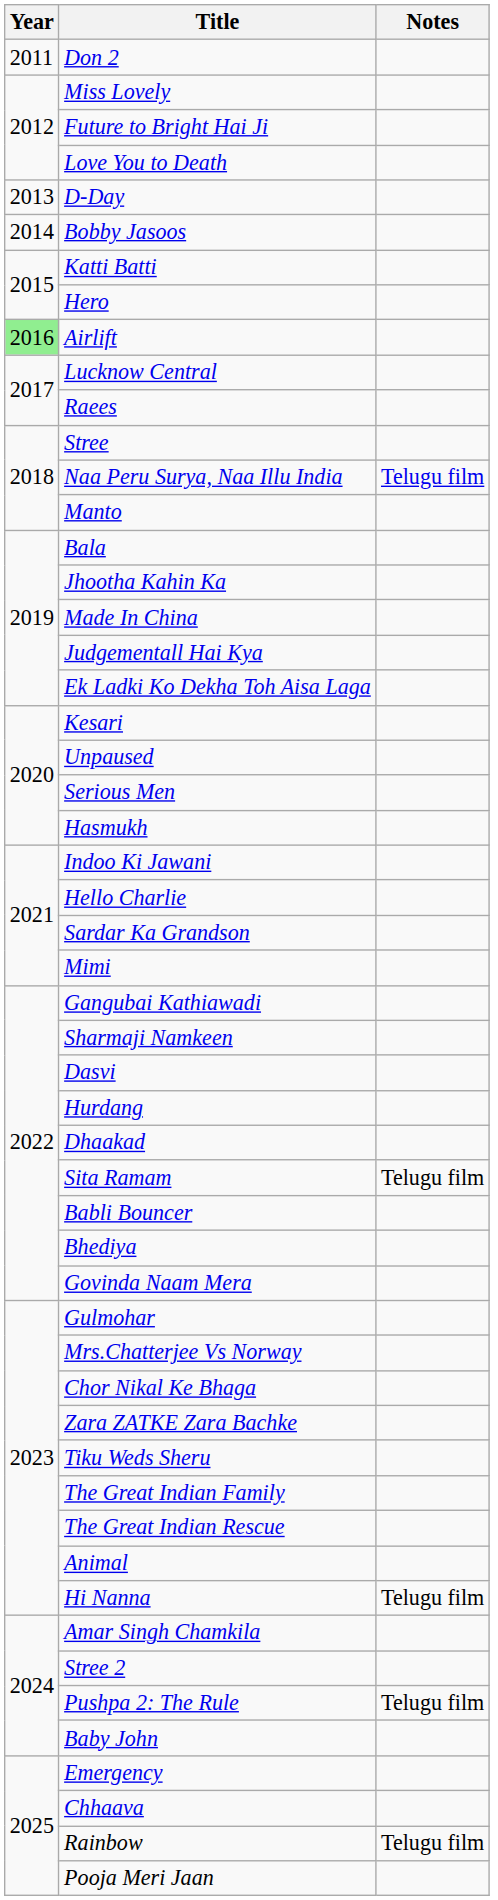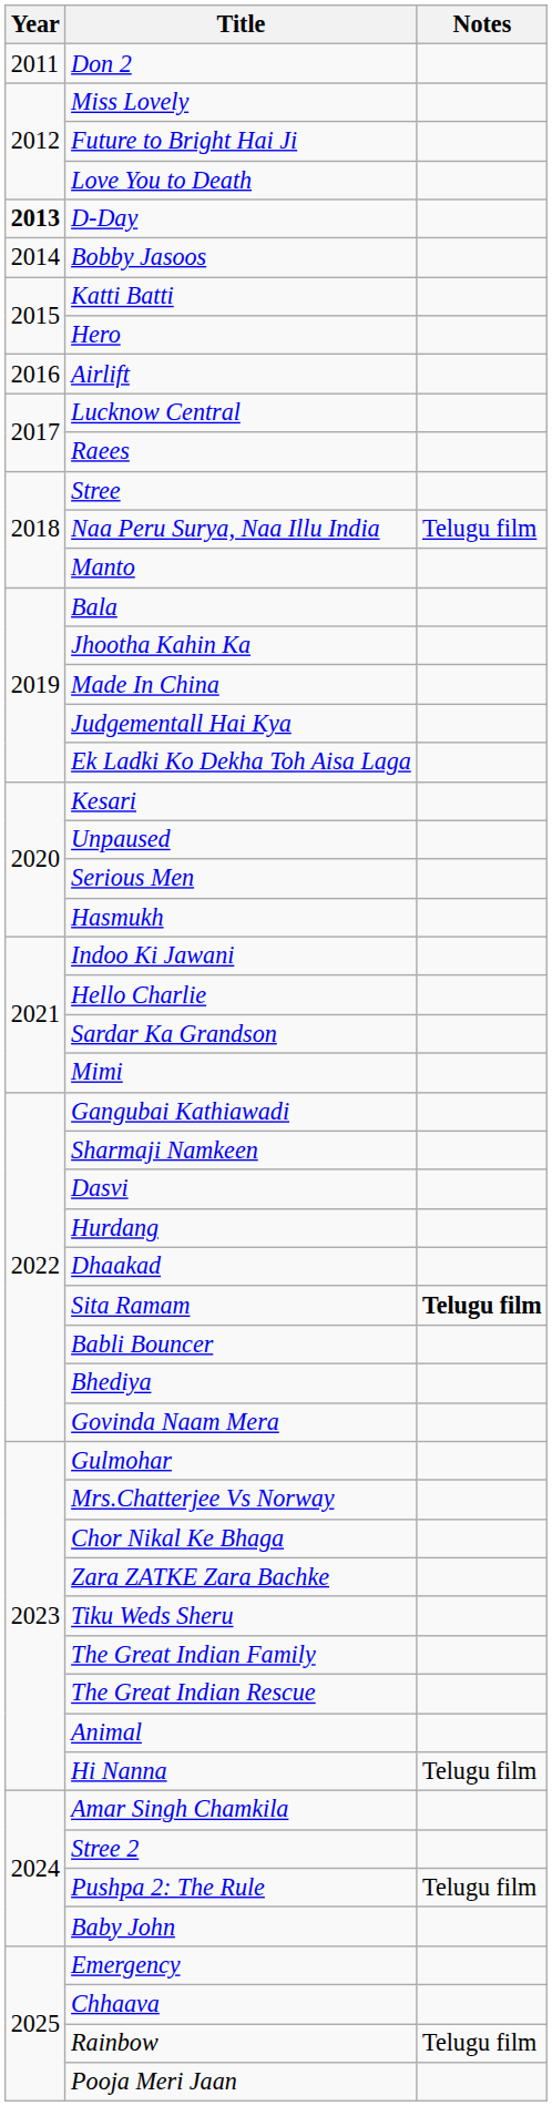 <table class="wikitable sortable">
 <tr>
 <th>Year</th>
 <th>Title</th>
 <th>Notes</th>
 </tr>
 <tr>
 <td>2011</td>
 <td><em><a href='#'>Don 2</a></em></td>
 <td></td>
 </tr>
 <tr>
 <td rowspan="3">2012</td>
 <td><em><a href='#'>Miss Lovely</a></em></td>
 <td></td>
 </tr>
 <tr>
 <td><em><a href='#'>Future to Bright Hai Ji</a></em></td>
 <td></td>
 </tr>
 <tr>
 <td><em><a href='#'>Love You to Death</a></em></td>
 <td></td>
 </tr>
 <tr>
-<td>2013</td>
+<td><strong>2013</strong></td>
 <td><em><a href='#'>D-Day</a></em></td>
 <td></td>
 </tr>
 <tr>
 <td>2014</td>
 <td><em><a href='#'>Bobby Jasoos</a></em></td>
 <td></td>
 </tr>
 <tr>
 <td rowspan="2">2015</td>
 <td><em><a href='#'>Katti Batti</a></em></td>
 <td></td>
 </tr>
 <tr>
 <td><em><a href='#'>Hero</a></em></td>
 <td></td>
 </tr>
 <tr>
-<td style="background: lightgreen;">2016</td>
+<td>2016</td>
 <td><em><a href='#'>Airlift</a></em></td>
 <td></td>
 </tr>
 <tr>
 <td rowspan="2">2017</td>
 <td><em><a href='#'>Lucknow Central</a></em></td>
 <td></td>
 </tr>
 <tr>
 <td><em><a href='#'>Raees</a></em></td>
 <td></td>
 </tr>
 <tr>
 <td rowspan="3">2018</td>
 <td><em><a href='#'>Stree</a></em></td>
 <td></td>
 </tr>
 <tr>
 <td><em><a href='#'>Naa Peru Surya, Naa Illu India</a></em></td>
 <td><a href='#'>Telugu film</a></td>
 </tr>
 <tr>
 <td><em><a href='#'>Manto</a></em></td>
 <td></td>
 </tr>
 <tr>
 <td rowspan="5">2019</td>
 <td><em><a href='#'>Bala</a></em></td>
 <td></td>
 </tr>
 <tr>
 <td><em><a href='#'>Jhootha Kahin Ka</a></em></td>
 <td></td>
 </tr>
 <tr>
 <td><em><a href='#'>Made In China</a></em></td>
 <td></td>
 </tr>
 <tr>
 <td><em><a href='#'>Judgementall Hai Kya</a></em></td>
 <td></td>
 </tr>
 <tr>
 <td><em><a href='#'>Ek Ladki Ko Dekha Toh Aisa Laga</a></em></td>
 <td></td>
 </tr>
 <tr>
 <td rowspan="4">2020</td>
 <td><em><a href='#'>Kesari</a></em></td>
 <td></td>
 </tr>
 <tr>
 <td><em><a href='#'>Unpaused</a></em></td>
 <td></td>
 </tr>
 <tr>
 <td><em><a href='#'>Serious Men</a></em></td>
 <td></td>
 </tr>
 <tr>
 <td><em><a href='#'>Hasmukh</a></em></td>
 <td></td>
 </tr>
 <tr>
 <td rowspan="4">2021</td>
 <td><em><a href='#'>Indoo Ki Jawani</a></em></td>
 <td></td>
 </tr>
 <tr>
 <td><em><a href='#'>Hello Charlie</a></em></td>
 <td></td>
 </tr>
 <tr>
 <td><em><a href='#'>Sardar Ka Grandson</a></em></td>
 <td></td>
 </tr>
 <tr>
 <td><em><a href='#'>Mimi</a></em></td>
 <td></td>
 </tr>
 <tr>
 <td rowspan="9">2022</td>
 <td><em><a href='#'>Gangubai Kathiawadi</a></em></td>
 <td></td>
 </tr>
 <tr>
 <td><em><a href='#'>Sharmaji Namkeen</a></em></td>
 <td></td>
 </tr>
 <tr>
 <td><em><a href='#'>Dasvi</a></em></td>
 <td></td>
 </tr>
 <tr>
 <td><em><a href='#'>Hurdang</a></em></td>
 <td></td>
 </tr>
 <tr>
 <td><em><a href='#'>Dhaakad</a></em></td>
 <td></td>
 </tr>
 <tr>
 <td><em><a href='#'>Sita Ramam</a></em></td>
-<td>Telugu film</td>
+<td><strong>Telugu film</strong></td>
 </tr>
 <tr>
 <td><em><a href='#'>Babli Bouncer</a></em></td>
 <td></td>
 </tr>
 <tr>
 <td><em><a href='#'>Bhediya</a></em></td>
 <td></td>
 </tr>
 <tr>
 <td><em><a href='#'>Govinda Naam Mera</a></em></td>
 <td></td>
 </tr>
 <tr>
 <td rowspan="9">2023</td>
 <td><em><a href='#'>Gulmohar</a></em></td>
 <td></td>
 </tr>
 <tr>
 <td><em><a href='#'>Mrs.Chatterjee Vs Norway</a></em></td>
 <td></td>
 </tr>
 <tr>
 <td><em><a href='#'>Chor Nikal Ke Bhaga</a></em></td>
 <td></td>
 </tr>
 <tr>
 <td><em><a href='#'>Zara ZATKE Zara Bachke</a></em></td>
 <td></td>
 </tr>
 <tr>
 <td><em><a href='#'>Tiku Weds Sheru</a></em></td>
 <td></td>
 </tr>
 <tr>
 <td><em><a href='#'>The Great Indian Family</a></em></td>
 <td></td>
 </tr>
 <tr>
 <td><em><a href='#'>The Great Indian Rescue</a></em></td>
 <td></td>
 </tr>
 <tr>
 <td><em><a href='#'>Animal</a></em></td>
 <td></td>
 </tr>
 <tr>
 <td><em><a href='#'>Hi Nanna</a></em></td>
 <td>Telugu film</td>
 </tr>
 <tr>
 <td rowspan="4">2024</td>
 <td><em><a href='#'>Amar Singh Chamkila</a></em></td>
 <td></td>
 </tr>
 <tr>
 <td><em><a href='#'>Stree 2</a></em></td>
 <td></td>
 </tr>
 <tr>
 <td><em><a href='#'>Pushpa 2: The Rule</a></em></td>
 <td>Telugu film</td>
 </tr>
 <tr>
 <td><em><a href='#'>Baby John</a></em></td>
 <td></td>
 </tr>
 <tr>
 <td rowspan="4">2025</td>
 <td><em><a href='#'>Emergency</a></em></td>
 <td></td>
 </tr>
 <tr>
 <td><em><a href='#'>Chhaava</a></em></td>
 <td></td>
 </tr>
 <tr>
 <td><em>Rainbow</em></td>
 <td>Telugu film</td>
 </tr>
 <tr>
 <td><em>Pooja Meri Jaan</em></td>
 <td></td>
 </tr>
 </table>
